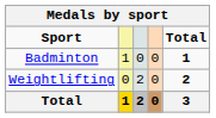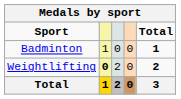 <table class="wikitable" style="font-size:85%">
 <tr style="background:#efefef;">
 <th colspan=7><strong>Medals by sport</strong></th>
 </tr>
 <tr align=center>
 <td><strong>Sport</strong></td>
 <td bgcolor=#f7f6a8></td>
 <td bgcolor=#dce5e5></td>
 <td bgcolor=#ffdab9></td>
 <td><strong>Total</strong></td>
 </tr>
 <tr align=center>
 <td><a href='#'>Badminton</a></td>
 <td style="background:#F7F6A8;">1</td>
 <td style="background:#DCE5E5;">0</td>
 <td style="background:#FFDAB9;">0</td>
 <td><strong>1</strong></td>
 </tr>
 <tr align=center>
 <td><a href='#'>Weightlifting</a></td>
-<td style="background:#F7F6A8;">0</td>
+<td style="background:#F7F6A8;"><strong>0</strong></td>
 <td style="background:#DCE5E5;">2</td>
 <td style="background:#FFDAB9;">0</td>
 <td><strong>2</strong></td>
 </tr>
 <tr align=center>
 <th><strong>Total</strong></th>
 <th style="background:gold;"><strong>1</strong></th>
 <th style="background:silver;"><strong>2</strong></th>
 <th style="background:#c96;"><strong>0</strong></th>
 <th><strong>3</strong></th>
 </tr>
 </table>
